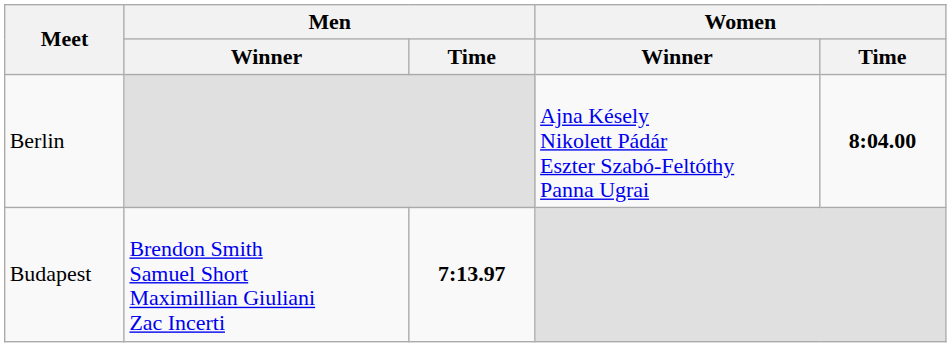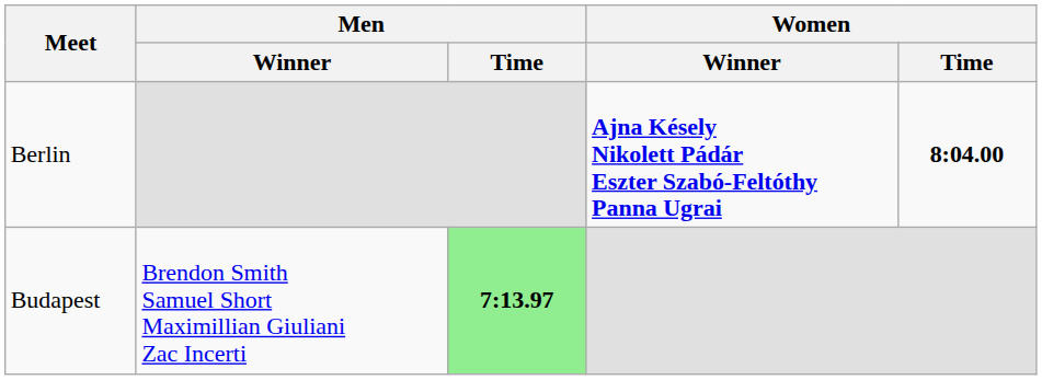 <table class="wikitable">
 <tr>
 <th width=80 rowspan=2>Meet</th>
 <th colspan=2>Men</th>
 <th colspan=2>Women</th>
 </tr>
 <tr>
 <th width=200>Winner</th>
 <th width=85>Time</th>
 <th width=200>Winner</th>
 <th width=85>Time</th>
 </tr>
 <tr>
 <td>Berlin</td>
 <td colspan=2 bgcolor=e0e0e0></td>
-<td><br><a href='#'>Ajna Késely</a><br><a href='#'>Nikolett Pádár</a><br><a href='#'>Eszter Szabó-Feltóthy</a><br><a href='#'>Panna Ugrai</a></td>
+<td><strong><br><a href='#'>Ajna Késely</a><br><a href='#'>Nikolett Pádár</a><br><a href='#'>Eszter Szabó-Feltóthy</a><br><a href='#'>Panna Ugrai</a></strong></td>
 <td align=center><strong>8:04.00</strong></td>
 </tr>
 <tr>
 <td>Budapest</td>
 <td><br><a href='#'>Brendon Smith</a><br><a href='#'>Samuel Short</a><br><a href='#'>Maximillian Giuliani</a><br><a href='#'>Zac Incerti</a></td>
-<td align=center><strong>7:13.97</strong></td>
+<td align=center style="background: lightgreen;"><strong>7:13.97</strong></td>
 <td colspan=2 bgcolor=e0e0e0></td>
 </tr>
 </table>
